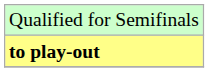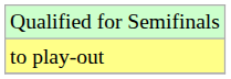 <table class="wikitable">
 <tr width=10px bgcolor="#ccffcc">
 <td>Qualified for Semifinals</td>
 </tr>
 <tr width=10px bgcolor="#FFFF88">
-<td><strong>to play-out</strong></td>
+<td>to play-out</td>
 </tr>
 <tr>
 </tr>
 </table>
